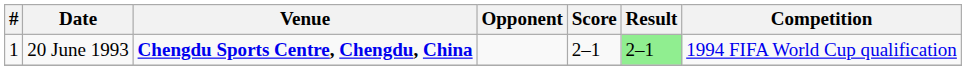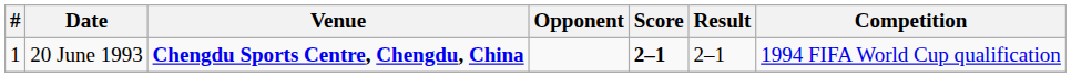 <table class="wikitable">
 <tr>
 <th>#</th>
 <th>Date</th>
 <th>Venue</th>
 <th>Opponent</th>
 <th>Score</th>
 <th>Result</th>
 <th>Competition</th>
 </tr>
 <tr>
 <td>1</td>
 <td>20 June 1993</td>
 <td><strong><a href='#'>Chengdu Sports Centre</a>, <a href='#'>Chengdu</a>, <a href='#'>China</a></strong></td>
 <td></td>
+<td><strong>2–1</strong></td>
 <td>2–1</td>
-<td style="background: lightgreen;">2–1</td>
 <td><a href='#'>1994 FIFA World Cup qualification</a></td>
 </tr>
 <tr>
 </tr>
 </table>
